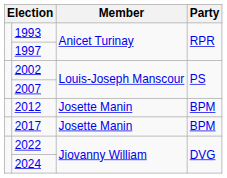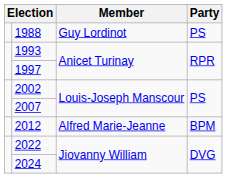 <table class="wikitable">
 <tr>
 <th colspan="2">Election</th>
 <th>Member</th>
 <th>Party</th>
+</tr>
+<tr>
+<td style="color:inherit;background-color: "></td>
+<td><a href='#'>1988</a></td>
+<td><a href='#'>Guy Lordinot</a></td>
+<td><a href='#'>PS</a></td>
 </tr>
 <tr>
 <td rowspan="2" style="color:inherit;background-color: "></td>
 <td><a href='#'>1993</a></td>
 <td rowspan="2"><a href='#'>Anicet Turinay</a></td>
 <td rowspan="2"><a href='#'>RPR</a></td>
 </tr>
 <tr>
 <td><a href='#'>1997</a></td>
 </tr>
 <tr>
 <td rowspan="2" style="color:inherit;background-color: "></td>
 <td><a href='#'>2002</a></td>
 <td rowspan="2"><a href='#'>Louis-Joseph Manscour</a></td>
 <td rowspan="2"><a href='#'>PS</a></td>
 </tr>
 <tr>
 <td><a href='#'>2007</a></td>
 </tr>
 <tr>
 <td style="color:inherit;background-color: "></td>
 <td><a href='#'>2012</a></td>
-<td><a href='#'>Josette Manin</a></td>
-<td><a href='#'>BPM</a></td>
-</tr>
-<tr>
-<td style="color:inherit;background-color: "></td>
-<td><a href='#'>2017</a></td>
-<td><a href='#'>Josette Manin</a></td>
+<td><a href='#'>Alfred Marie-Jeanne</a></td>
 <td><a href='#'>BPM</a></td>
 </tr>
 <tr>
 <td rowspan="2" style="color:inherit;background-color: "></td>
 <td><a href='#'>2022</a></td>
 <td rowspan="2"><a href='#'>Jiovanny William</a></td>
 <td rowspan="2"><a href='#'>DVG</a></td>
 </tr>
 <tr>
 <td><a href='#'>2024</a></td>
 </tr>
 </table>
